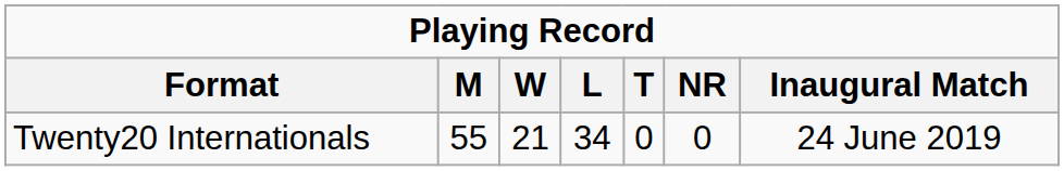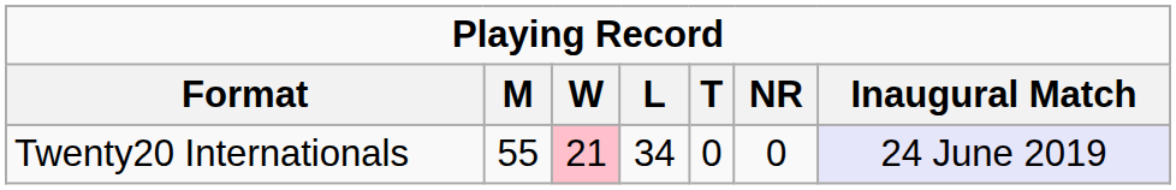 <table class="wikitable" style="text-align: center; width: 500px;">
 <tr>
 <td colspan=7 align="center"><strong>Playing Record</strong></td>
 </tr>
 <tr>
 <th>Format</th>
 <th>M</th>
 <th>W</th>
 <th>L</th>
 <th>T</th>
 <th>NR</th>
 <th>Inaugural Match</th>
 </tr>
 <tr>
 <td align="left">Twenty20 Internationals</td>
 <td>55</td>
-<td>21</td>
+<td style="background: pink;">21</td>
 <td>34</td>
 <td>0</td>
 <td>0</td>
-<td>24 June 2019</td>
+<td style="background: lavender;">24 June 2019</td>
 </tr>
 </table>
